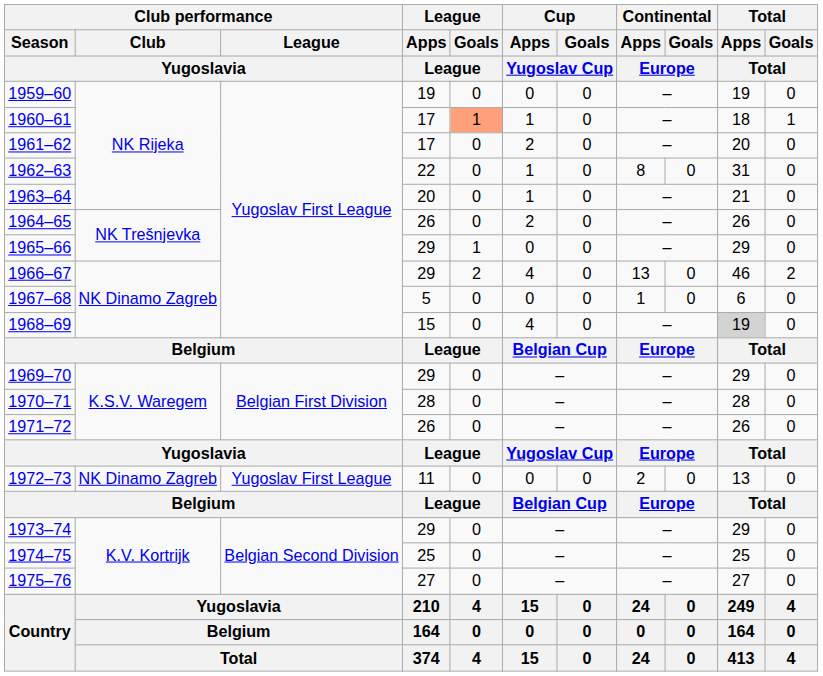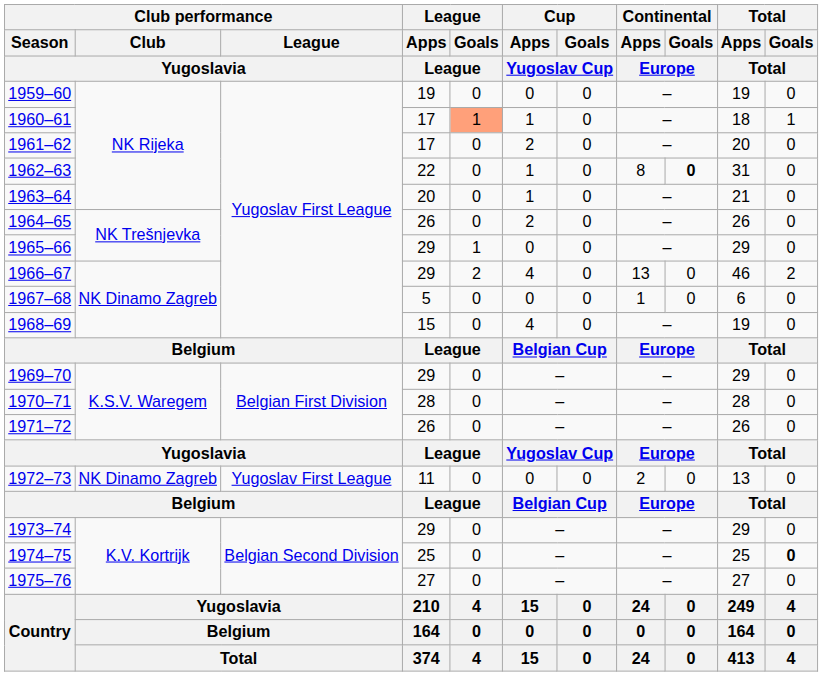 <table class="wikitable" style="text-align:center">
 <tr>
 <th colspan=3>Club performance</th>
 <th colspan=2>League</th>
 <th colspan=2>Cup</th>
 <th colspan=2>Continental</th>
 <th colspan=2>Total</th>
 </tr>
 <tr>
 <th>Season</th>
 <th>Club</th>
 <th>League</th>
 <th>Apps</th>
 <th>Goals</th>
 <th>Apps</th>
 <th>Goals</th>
 <th>Apps</th>
 <th>Goals</th>
 <th>Apps</th>
 <th>Goals</th>
 </tr>
 <tr>
 <th colspan=3>Yugoslavia</th>
 <th colspan=2>League</th>
 <th colspan=2><a href='#'>Yugoslav Cup</a></th>
 <th colspan=2><a href='#'>Europe</a></th>
 <th colspan=2>Total</th>
 </tr>
 <tr>
 <td><a href='#'>1959–60</a></td>
 <td rowspan="5"><a href='#'>NK Rijeka</a></td>
 <td rowspan="10"><a href='#'>Yugoslav First League</a></td>
 <td>19</td>
 <td>0</td>
 <td>0</td>
 <td>0</td>
 <td colspan="2">–</td>
 <td>19</td>
 <td>0</td>
 </tr>
 <tr>
 <td><a href='#'>1960–61</a></td>
 <td>17</td>
 <td style="background: lightsalmon;">1</td>
 <td>1</td>
 <td>0</td>
 <td colspan="2">–</td>
 <td>18</td>
 <td>1</td>
 </tr>
 <tr>
 <td><a href='#'>1961–62</a></td>
 <td>17</td>
 <td>0</td>
 <td>2</td>
 <td>0</td>
 <td colspan="2">–</td>
 <td>20</td>
 <td>0</td>
 </tr>
 <tr>
 <td><a href='#'>1962–63</a></td>
 <td>22</td>
 <td>0</td>
 <td>1</td>
 <td>0</td>
 <td>8</td>
-<td>0</td>
+<td><strong>0</strong></td>
 <td>31</td>
 <td>0</td>
 </tr>
 <tr>
 <td><a href='#'>1963–64</a></td>
 <td>20</td>
 <td>0</td>
 <td>1</td>
 <td>0</td>
 <td colspan="2">–</td>
 <td>21</td>
 <td>0</td>
 </tr>
 <tr>
 <td><a href='#'>1964–65</a></td>
 <td rowspan="2"><a href='#'>NK Trešnjevka</a></td>
 <td>26</td>
 <td>0</td>
 <td>2</td>
 <td>0</td>
 <td colspan="2">–</td>
 <td>26</td>
 <td>0</td>
 </tr>
 <tr>
 <td><a href='#'>1965–66</a></td>
 <td>29</td>
 <td>1</td>
 <td>0</td>
 <td>0</td>
 <td colspan="2">–</td>
 <td>29</td>
 <td>0</td>
 </tr>
 <tr>
 <td><a href='#'>1966–67</a></td>
 <td rowspan="3"><a href='#'>NK Dinamo Zagreb</a></td>
 <td>29</td>
 <td>2</td>
 <td>4</td>
 <td>0</td>
 <td>13</td>
 <td>0</td>
 <td>46</td>
 <td>2</td>
 </tr>
 <tr>
 <td><a href='#'>1967–68</a></td>
 <td>5</td>
 <td>0</td>
 <td>0</td>
 <td>0</td>
 <td>1</td>
 <td>0</td>
 <td>6</td>
 <td>0</td>
 </tr>
 <tr>
 <td><a href='#'>1968–69</a></td>
 <td>15</td>
 <td>0</td>
 <td>4</td>
 <td>0</td>
 <td colspan="2">–</td>
-<td style="background: lightgrey;">19</td>
+<td>19</td>
 <td>0</td>
 </tr>
 <tr>
 <th colspan=3>Belgium</th>
 <th colspan=2>League</th>
 <th colspan=2><a href='#'>Belgian Cup</a></th>
 <th colspan=2><a href='#'>Europe</a></th>
 <th colspan=2>Total</th>
 </tr>
 <tr>
 <td><a href='#'>1969–70</a></td>
 <td rowspan="3"><a href='#'>K.S.V. Waregem</a></td>
 <td rowspan="3"><a href='#'>Belgian First Division</a></td>
 <td>29</td>
 <td>0</td>
 <td colspan="2">–</td>
 <td colspan="2">–</td>
 <td>29</td>
 <td>0</td>
 </tr>
 <tr>
 <td><a href='#'>1970–71</a></td>
 <td>28</td>
 <td>0</td>
 <td colspan="2">–</td>
 <td colspan="2">–</td>
 <td>28</td>
 <td>0</td>
 </tr>
 <tr>
 <td><a href='#'>1971–72</a></td>
 <td>26</td>
 <td>0</td>
 <td colspan="2">–</td>
 <td colspan="2">–</td>
 <td>26</td>
 <td>0</td>
 </tr>
 <tr>
 <th colspan=3>Yugoslavia</th>
 <th colspan=2>League</th>
 <th colspan=2><a href='#'>Yugoslav Cup</a></th>
 <th colspan=2><a href='#'>Europe</a></th>
 <th colspan=2>Total</th>
 </tr>
 <tr>
 <td><a href='#'>1972–73</a></td>
 <td rowspan="1"><a href='#'>NK Dinamo Zagreb</a></td>
 <td rowspan="1"><a href='#'>Yugoslav First League</a></td>
 <td>11</td>
 <td>0</td>
 <td>0</td>
 <td>0</td>
 <td>2</td>
 <td>0</td>
 <td>13</td>
 <td>0</td>
 </tr>
 <tr>
 <th colspan=3>Belgium</th>
 <th colspan=2>League</th>
 <th colspan=2><a href='#'>Belgian Cup</a></th>
 <th colspan=2><a href='#'>Europe</a></th>
 <th colspan=2>Total</th>
 </tr>
 <tr>
 <td><a href='#'>1973–74</a></td>
 <td rowspan="3"><a href='#'>K.V. Kortrijk</a></td>
 <td rowspan="3"><a href='#'>Belgian Second Division</a></td>
 <td>29</td>
 <td>0</td>
 <td colspan="2">–</td>
 <td colspan="2">–</td>
 <td>29</td>
 <td>0</td>
 </tr>
 <tr>
 <td><a href='#'>1974–75</a></td>
 <td>25</td>
 <td>0</td>
 <td colspan="2">–</td>
 <td colspan="2">–</td>
 <td>25</td>
-<td>0</td>
+<td><strong>0</strong></td>
 </tr>
 <tr>
 <td><a href='#'>1975–76</a></td>
 <td>27</td>
 <td>0</td>
 <td colspan="2">–</td>
 <td colspan="2">–</td>
 <td>27</td>
 <td>0</td>
 </tr>
 <tr>
 <th rowspan=3>Country</th>
 <th colspan=2>Yugoslavia</th>
 <th>210</th>
 <th>4</th>
 <th>15</th>
 <th>0</th>
 <th>24</th>
 <th>0</th>
 <th>249</th>
 <th>4</th>
 </tr>
 <tr>
 <th colspan=2>Belgium</th>
 <th>164</th>
 <th>0</th>
 <th>0</th>
 <th>0</th>
 <th>0</th>
 <th>0</th>
 <th>164</th>
 <th>0</th>
 </tr>
 <tr>
 <th colspan=2>Total</th>
 <th>374</th>
 <th>4</th>
 <th>15</th>
 <th>0</th>
 <th>24</th>
 <th>0</th>
 <th>413</th>
 <th>4</th>
 </tr>
 </table>
